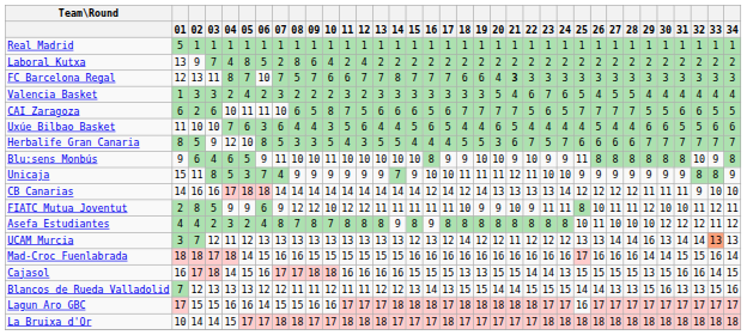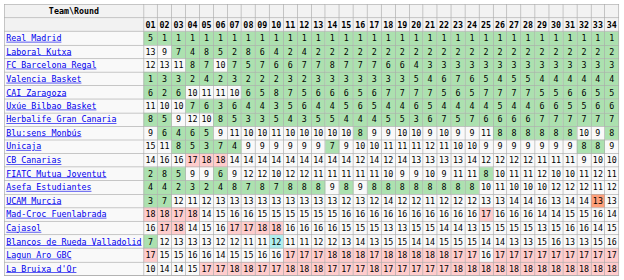 <table class="wikitable sortable" style="text-align: center;"{|class="wikitable sortable" style="text-align: center">
 <tr>
 <th>Team\Round</th>
 <th></th>
 <th></th>
 <th></th>
 <th></th>
 <th></th>
 <th></th>
 <th></th>
 <th></th>
 <th></th>
 <th></th>
 <th></th>
 <th></th>
 <th></th>
 <th></th>
 <th></th>
 <th></th>
 <th></th>
 <th></th>
 <th></th>
 <th></th>
 <th></th>
 <th></th>
 <th></th>
 <th></th>
 <th></th>
 <th></th>
 <th></th>
 <th></th>
 <th></th>
 <th></th>
 <th></th>
 <th></th>
 <th></th>
 <th></th>
 </tr>
 <tr>
 <th></th>
 <th>01</th>
 <th>02</th>
 <th>03</th>
 <th>04</th>
 <th>05</th>
 <th>06</th>
 <th>07</th>
 <th>08</th>
 <th>09</th>
 <th>10</th>
 <th>11</th>
 <th>12</th>
 <th>13</th>
 <th>14</th>
 <th>15</th>
 <th>16</th>
 <th>17</th>
 <th>18</th>
 <th>19</th>
 <th>20</th>
 <th>21</th>
 <th>22</th>
 <th>23</th>
 <th>24</th>
 <th>25</th>
 <th>26</th>
 <th>27</th>
 <th>28</th>
 <th>29</th>
 <th>30</th>
 <th>31</th>
 <th>32</th>
 <th>33</th>
 <th>34</th>
 </tr>
 <tr>
 <td align="left"><a href='#'>Real Madrid</a></td>
 <td style="background:#ACE1AF">5</td>
 <td style="background:#ACE1AF">1</td>
 <td style="background:#ACE1AF">1</td>
 <td style="background:#ACE1AF">1</td>
 <td style="background:#ACE1AF">1</td>
 <td style="background:#ACE1AF">1</td>
 <td style="background:#ACE1AF">1</td>
 <td style="background:#ACE1AF">1</td>
 <td style="background:#ACE1AF">1</td>
 <td style="background:#ACE1AF">1</td>
 <td style="background:#ACE1AF">1</td>
 <td style="background:#ACE1AF">1</td>
 <td style="background:#ACE1AF">1</td>
 <td style="background:#ACE1AF">1</td>
 <td style="background:#ACE1AF">1</td>
 <td style="background:#ACE1AF">1</td>
 <td style="background:#ACE1AF">1</td>
 <td style="background:#ACE1AF">1</td>
 <td style="background:#ACE1AF">1</td>
 <td style="background:#ACE1AF">1</td>
 <td style="background:#ACE1AF">1</td>
 <td style="background:#ACE1AF">1</td>
 <td style="background:#ACE1AF">1</td>
 <td style="background:#ACE1AF">1</td>
 <td style="background:#ACE1AF">1</td>
 <td style="background:#ACE1AF">1</td>
 <td style="background:#ACE1AF">1</td>
 <td style="background:#ACE1AF">1</td>
 <td style="background:#ACE1AF">1</td>
 <td style="background:#ACE1AF">1</td>
 <td style="background:#ACE1AF">1</td>
 <td style="background:#ACE1AF">1</td>
 <td style="background:#ACE1AF">1</td>
 <td style="background:#ACE1AF">1</td>
 </tr>
 <tr>
 <td align="left"><a href='#'>Laboral Kutxa</a></td>
 <td>13</td>
 <td>9</td>
 <td style="background:#ACE1AF">7</td>
 <td style="background:#ACE1AF">4</td>
 <td style="background:#ACE1AF">8</td>
 <td style="background:#ACE1AF">5</td>
 <td style="background:#ACE1AF">2</td>
 <td style="background:#ACE1AF">8</td>
 <td style="background:#ACE1AF">6</td>
 <td style="background:#ACE1AF">4</td>
 <td style="background:#ACE1AF">2</td>
 <td style="background:#ACE1AF">4</td>
 <td style="background:#ACE1AF">2</td>
 <td style="background:#ACE1AF">2</td>
 <td style="background:#ACE1AF">2</td>
 <td style="background:#ACE1AF">2</td>
 <td style="background:#ACE1AF">2</td>
 <td style="background:#ACE1AF">2</td>
 <td style="background:#ACE1AF">2</td>
 <td style="background:#ACE1AF">2</td>
 <td style="background:#ACE1AF">2</td>
 <td style="background:#ACE1AF">2</td>
 <td style="background:#ACE1AF">2</td>
 <td style="background:#ACE1AF">2</td>
 <td style="background:#ACE1AF">2</td>
 <td style="background:#ACE1AF">2</td>
 <td style="background:#ACE1AF">2</td>
 <td style="background:#ACE1AF">2</td>
 <td style="background:#ACE1AF">2</td>
 <td style="background:#ACE1AF">2</td>
 <td style="background:#ACE1AF">2</td>
 <td style="background:#ACE1AF">2</td>
 <td style="background:#ACE1AF">2</td>
 <td style="background:#ACE1AF">2</td>
 </tr>
 <tr>
 <td align="left"><a href='#'>FC Barcelona Regal</a></td>
 <td>12</td>
 <td>13</td>
 <td>11</td>
 <td style="background:#ACE1AF">8</td>
 <td style="background:#ACE1AF">7</td>
 <td>10</td>
 <td style="background:#ACE1AF">7</td>
 <td style="background:#ACE1AF">5</td>
 <td style="background:#ACE1AF">7</td>
 <td style="background:#ACE1AF">6</td>
 <td style="background:#ACE1AF">6</td>
 <td style="background:#ACE1AF">7</td>
 <td style="background:#ACE1AF">7</td>
 <td style="background:#ACE1AF">8</td>
 <td style="background:#ACE1AF">7</td>
 <td style="background:#ACE1AF">7</td>
 <td style="background:#ACE1AF">7</td>
 <td style="background:#ACE1AF">6</td>
 <td style="background:#ACE1AF">6</td>
 <td style="background:#ACE1AF">4</td>
-<td style="background:#ACE1AF"><strong>3</strong></td>
+<td style="background:#ACE1AF">3</td>
 <td style="background:#ACE1AF">3</td>
 <td style="background:#ACE1AF">3</td>
 <td style="background:#ACE1AF">3</td>
 <td style="background:#ACE1AF">3</td>
 <td style="background:#ACE1AF">3</td>
 <td style="background:#ACE1AF">3</td>
 <td style="background:#ACE1AF">3</td>
 <td style="background:#ACE1AF">3</td>
 <td style="background:#ACE1AF">3</td>
 <td style="background:#ACE1AF">3</td>
 <td style="background:#ACE1AF">3</td>
 <td style="background:#ACE1AF">3</td>
 <td style="background:#ACE1AF">3</td>
 </tr>
 <tr>
 <td align="left"><a href='#'>Valencia Basket</a></td>
 <td style="background:#ACE1AF">1</td>
 <td style="background:#ACE1AF">3</td>
 <td style="background:#ACE1AF">3</td>
 <td style="background:#ACE1AF">2</td>
 <td style="background:#ACE1AF">4</td>
 <td style="background:#ACE1AF">2</td>
 <td style="background:#ACE1AF">3</td>
 <td style="background:#ACE1AF">2</td>
 <td style="background:#ACE1AF">2</td>
 <td style="background:#ACE1AF">2</td>
 <td style="background:#ACE1AF">3</td>
 <td style="background:#ACE1AF">2</td>
 <td style="background:#ACE1AF">3</td>
 <td style="background:#ACE1AF">3</td>
 <td style="background:#ACE1AF">3</td>
 <td style="background:#ACE1AF">3</td>
 <td style="background:#ACE1AF">3</td>
 <td style="background:#ACE1AF">3</td>
 <td style="background:#ACE1AF">3</td>
 <td style="background:#ACE1AF">5</td>
 <td style="background:#ACE1AF">4</td>
 <td style="background:#ACE1AF">6</td>
 <td style="background:#ACE1AF">7</td>
 <td style="background:#ACE1AF">6</td>
 <td style="background:#ACE1AF">5</td>
 <td style="background:#ACE1AF">4</td>
 <td style="background:#ACE1AF">5</td>
 <td style="background:#ACE1AF">5</td>
 <td style="background:#ACE1AF">4</td>
 <td style="background:#ACE1AF">4</td>
 <td style="background:#ACE1AF">4</td>
 <td style="background:#ACE1AF">4</td>
 <td style="background:#ACE1AF">4</td>
 <td style="background:#ACE1AF">4</td>
 </tr>
 <tr>
 <td align="left"><a href='#'>CAI Zaragoza</a></td>
 <td style="background:#ACE1AF">6</td>
 <td style="background:#ACE1AF">2</td>
 <td style="background:#ACE1AF">6</td>
 <td>10</td>
 <td>11</td>
 <td>11</td>
 <td>10</td>
 <td style="background:#ACE1AF">6</td>
 <td style="background:#ACE1AF">5</td>
 <td style="background:#ACE1AF">8</td>
 <td style="background:#ACE1AF">7</td>
 <td style="background:#ACE1AF">5</td>
 <td style="background:#ACE1AF">6</td>
 <td style="background:#ACE1AF">6</td>
 <td style="background:#ACE1AF">6</td>
 <td style="background:#ACE1AF">5</td>
 <td style="background:#ACE1AF">6</td>
 <td style="background:#ACE1AF">7</td>
 <td style="background:#ACE1AF">7</td>
 <td style="background:#ACE1AF">7</td>
 <td style="background:#ACE1AF">7</td>
 <td style="background:#ACE1AF">5</td>
 <td style="background:#ACE1AF">6</td>
 <td style="background:#ACE1AF">5</td>
 <td style="background:#ACE1AF">7</td>
 <td style="background:#ACE1AF">7</td>
 <td style="background:#ACE1AF">7</td>
 <td style="background:#ACE1AF">7</td>
 <td style="background:#ACE1AF">5</td>
 <td style="background:#ACE1AF">5</td>
 <td style="background:#ACE1AF">6</td>
 <td style="background:#ACE1AF">6</td>
 <td style="background:#ACE1AF">5</td>
 <td style="background:#ACE1AF">5</td>
 </tr>
 <tr>
 <td align="left"><a href='#'>Uxúe Bilbao Basket</a></td>
 <td>11</td>
 <td>10</td>
 <td>10</td>
 <td style="background:#ACE1AF">7</td>
 <td style="background:#ACE1AF">6</td>
 <td style="background:#ACE1AF">3</td>
 <td style="background:#ACE1AF">6</td>
 <td style="background:#ACE1AF">4</td>
 <td style="background:#ACE1AF">4</td>
 <td style="background:#ACE1AF">3</td>
 <td style="background:#ACE1AF">5</td>
 <td style="background:#ACE1AF">6</td>
 <td style="background:#ACE1AF">4</td>
 <td style="background:#ACE1AF">4</td>
 <td style="background:#ACE1AF">5</td>
 <td style="background:#ACE1AF">6</td>
 <td style="background:#ACE1AF">5</td>
 <td style="background:#ACE1AF">4</td>
 <td style="background:#ACE1AF">4</td>
 <td style="background:#ACE1AF">6</td>
 <td style="background:#ACE1AF">5</td>
 <td style="background:#ACE1AF">4</td>
 <td style="background:#ACE1AF">4</td>
 <td style="background:#ACE1AF">4</td>
 <td style="background:#ACE1AF">4</td>
 <td style="background:#ACE1AF">5</td>
 <td style="background:#ACE1AF">4</td>
 <td style="background:#ACE1AF">4</td>
 <td style="background:#ACE1AF">6</td>
 <td style="background:#ACE1AF">6</td>
 <td style="background:#ACE1AF">5</td>
 <td style="background:#ACE1AF">5</td>
 <td style="background:#ACE1AF">6</td>
 <td style="background:#ACE1AF">6</td>
 </tr>
 <tr>
 <td align="left"><a href='#'>Herbalife Gran Canaria</a></td>
 <td style="background:#ACE1AF">8</td>
 <td style="background:#ACE1AF">5</td>
 <td>9</td>
 <td>12</td>
 <td>10</td>
 <td style="background:#ACE1AF">8</td>
 <td style="background:#ACE1AF">5</td>
 <td style="background:#ACE1AF">3</td>
 <td style="background:#ACE1AF">3</td>
 <td style="background:#ACE1AF">5</td>
 <td style="background:#ACE1AF">4</td>
 <td style="background:#ACE1AF">3</td>
 <td style="background:#ACE1AF">5</td>
 <td style="background:#ACE1AF">5</td>
 <td style="background:#ACE1AF">4</td>
 <td style="background:#ACE1AF">4</td>
 <td style="background:#ACE1AF">4</td>
 <td style="background:#ACE1AF">5</td>
 <td style="background:#ACE1AF">5</td>
 <td style="background:#ACE1AF">3</td>
 <td style="background:#ACE1AF">6</td>
 <td style="background:#ACE1AF">7</td>
 <td style="background:#ACE1AF">5</td>
 <td style="background:#ACE1AF">7</td>
 <td style="background:#ACE1AF">6</td>
 <td style="background:#ACE1AF">6</td>
 <td style="background:#ACE1AF">6</td>
 <td style="background:#ACE1AF">6</td>
 <td style="background:#ACE1AF">7</td>
 <td style="background:#ACE1AF">7</td>
 <td style="background:#ACE1AF">7</td>
 <td style="background:#ACE1AF">7</td>
 <td style="background:#ACE1AF">7</td>
 <td style="background:#ACE1AF">7</td>
 </tr>
 <tr>
 <td align="left"><a href='#'>Blu:sens Monbús</a></td>
 <td>9</td>
 <td style="background:#ACE1AF">6</td>
 <td style="background:#ACE1AF">4</td>
 <td style="background:#ACE1AF">6</td>
 <td style="background:#ACE1AF">5</td>
 <td>9</td>
 <td>11</td>
 <td>10</td>
 <td>10</td>
 <td>11</td>
 <td>10</td>
 <td>10</td>
 <td>10</td>
 <td>10</td>
 <td>10</td>
 <td style="background:#ACE1AF">8</td>
 <td>9</td>
 <td>9</td>
 <td>10</td>
 <td>10</td>
 <td>9</td>
 <td>10</td>
 <td>9</td>
 <td>9</td>
 <td>11</td>
 <td style="background:#ACE1AF">8</td>
 <td style="background:#ACE1AF">8</td>
 <td style="background:#ACE1AF">8</td>
 <td style="background:#ACE1AF">8</td>
 <td style="background:#ACE1AF">8</td>
 <td style="background:#ACE1AF">8</td>
 <td>10</td>
 <td>9</td>
 <td style="background:#ACE1AF">8</td>
 </tr>
 <tr>
 <td align="left"><a href='#'>Unicaja</a></td>
 <td>15</td>
 <td>11</td>
 <td style="background:#ACE1AF">8</td>
 <td style="background:#ACE1AF">5</td>
 <td style="background:#ACE1AF">3</td>
 <td style="background:#ACE1AF">7</td>
 <td style="background:#ACE1AF">4</td>
 <td>9</td>
 <td>9</td>
 <td>9</td>
 <td>9</td>
 <td>9</td>
 <td>9</td>
 <td style="background:#ACE1AF">7</td>
 <td>9</td>
 <td>10</td>
 <td>10</td>
 <td>11</td>
 <td>11</td>
 <td>11</td>
 <td>12</td>
 <td>11</td>
 <td>10</td>
 <td>10</td>
 <td>9</td>
 <td>9</td>
 <td>9</td>
 <td>9</td>
 <td>9</td>
 <td>9</td>
 <td>9</td>
 <td style="background:#ACE1AF">8</td>
 <td style="background:#ACE1AF">8</td>
 <td>9</td>
 </tr>
 <tr>
 <td align="left"><a href='#'>CB Canarias</a></td>
 <td>14</td>
 <td>16</td>
 <td>16</td>
 <td style="background:#FFCCCC">17</td>
 <td style="background:#FFCCCC">18</td>
 <td style="background:#FFCCCC">18</td>
 <td>14</td>
 <td>14</td>
 <td>14</td>
 <td>14</td>
 <td>14</td>
 <td>14</td>
 <td>14</td>
 <td>14</td>
 <td>14</td>
 <td>12</td>
 <td>14</td>
 <td>12</td>
 <td>14</td>
 <td>13</td>
 <td>13</td>
 <td>13</td>
 <td>13</td>
 <td>14</td>
 <td>12</td>
 <td>12</td>
 <td>12</td>
 <td>12</td>
 <td>11</td>
 <td>11</td>
 <td>11</td>
 <td>9</td>
 <td>10</td>
 <td>10</td>
 </tr>
 <tr>
 <td align="left"><a href='#'>FIATC Mutua Joventut</a></td>
 <td style="background:#ACE1AF">2</td>
 <td style="background:#ACE1AF">8</td>
 <td style="background:#ACE1AF">5</td>
 <td>9</td>
 <td>9</td>
 <td style="background:#ACE1AF">6</td>
 <td>9</td>
 <td>12</td>
 <td>12</td>
 <td>10</td>
 <td>12</td>
 <td>12</td>
 <td>11</td>
 <td>11</td>
 <td>11</td>
 <td>11</td>
 <td>11</td>
 <td>10</td>
 <td>9</td>
 <td>9</td>
 <td>10</td>
 <td>9</td>
 <td>11</td>
 <td>11</td>
 <td style="background:#ACE1AF">8</td>
 <td>10</td>
 <td>11</td>
 <td>11</td>
 <td>12</td>
 <td>10</td>
 <td>10</td>
 <td>11</td>
 <td>12</td>
 <td>11</td>
 </tr>
 <tr>
 <td align="left"><a href='#'>Asefa Estudiantes</a></td>
 <td style="background:#ACE1AF">4</td>
 <td style="background:#ACE1AF">4</td>
 <td style="background:#ACE1AF">2</td>
 <td style="background:#ACE1AF">3</td>
 <td style="background:#ACE1AF">2</td>
 <td style="background:#ACE1AF">4</td>
 <td style="background:#ACE1AF">8</td>
 <td style="background:#ACE1AF">7</td>
 <td style="background:#ACE1AF">8</td>
 <td style="background:#ACE1AF">7</td>
 <td style="background:#ACE1AF">8</td>
 <td style="background:#ACE1AF">8</td>
 <td style="background:#ACE1AF">8</td>
 <td>9</td>
 <td style="background:#ACE1AF">8</td>
 <td>9</td>
 <td style="background:#ACE1AF">8</td>
 <td style="background:#ACE1AF">8</td>
 <td style="background:#ACE1AF">8</td>
 <td style="background:#ACE1AF">8</td>
 <td style="background:#ACE1AF">8</td>
 <td style="background:#ACE1AF">8</td>
 <td style="background:#ACE1AF">8</td>
 <td style="background:#ACE1AF">8</td>
 <td>10</td>
 <td>11</td>
 <td>10</td>
 <td>10</td>
 <td>10</td>
 <td>12</td>
 <td>12</td>
 <td>12</td>
 <td>11</td>
 <td>12</td>
 </tr>
 <tr>
 <td align="left"><a href='#'>UCAM Murcia</a></td>
 <td style="background:#ACE1AF">3</td>
 <td style="background:#ACE1AF">7</td>
 <td>12</td>
 <td>11</td>
 <td>12</td>
 <td>13</td>
 <td>13</td>
 <td>13</td>
 <td>13</td>
 <td>13</td>
 <td>13</td>
 <td>13</td>
 <td>13</td>
 <td>13</td>
 <td>12</td>
 <td>13</td>
 <td>12</td>
 <td>14</td>
 <td>12</td>
 <td>12</td>
 <td>11</td>
 <td>12</td>
 <td>12</td>
 <td>12</td>
 <td>13</td>
 <td>13</td>
 <td>14</td>
 <td>14</td>
 <td>16</td>
 <td>13</td>
 <td>14</td>
 <td>14</td>
 <td style="background: lightsalmon;">13</td>
 <td>13</td>
 </tr>
 <tr>
 <td align="left"><a href='#'>Mad-Croc Fuenlabrada</a></td>
 <td style="background:#FFCCCC">18</td>
 <td style="background:#FFCCCC">18</td>
 <td style="background:#FFCCCC">17</td>
 <td style="background:#FFCCCC">18</td>
 <td>14</td>
 <td>15</td>
 <td>16</td>
 <td>16</td>
 <td>15</td>
 <td>15</td>
 <td>15</td>
 <td>15</td>
 <td>15</td>
 <td>15</td>
 <td>16</td>
 <td>16</td>
 <td>16</td>
 <td>16</td>
 <td>16</td>
 <td>16</td>
 <td>16</td>
 <td>16</td>
 <td>16</td>
 <td>16</td>
 <td style="background:#FFCCCC">17</td>
 <td>16</td>
 <td>16</td>
 <td>16</td>
 <td>14</td>
 <td>14</td>
 <td>15</td>
 <td>15</td>
 <td>16</td>
 <td>14</td>
 </tr>
 <tr>
 <td align="left"><a href='#'>Cajasol</a></td>
 <td>16</td>
 <td style="background:#FFCCCC">17</td>
 <td style="background:#FFCCCC">18</td>
 <td>14</td>
 <td>15</td>
 <td>16</td>
 <td style="background:#FFCCCC">17</td>
 <td style="background:#FFCCCC">17</td>
 <td style="background:#FFCCCC">18</td>
 <td style="background:#FFCCCC">18</td>
 <td>16</td>
 <td>16</td>
 <td>16</td>
 <td>16</td>
 <td>15</td>
 <td>15</td>
 <td>15</td>
 <td>13</td>
 <td>13</td>
 <td>15</td>
 <td>15</td>
 <td>14</td>
 <td>14</td>
 <td>13</td>
 <td>15</td>
 <td>15</td>
 <td>15</td>
 <td>15</td>
 <td>13</td>
 <td>15</td>
 <td>16</td>
 <td>16</td>
 <td>14</td>
 <td>15</td>
 </tr>
 <tr>
 <td align="left"><a href='#'>Blancos de Rueda Valladolid</a></td>
 <td style="background:#ACE1AF">7</td>
 <td>12</td>
 <td>13</td>
 <td>13</td>
 <td>13</td>
 <td>12</td>
 <td>12</td>
 <td>11</td>
 <td>11</td>
-<td>12</td>
+<td style="background: paleturquoise;">12</td>
 <td>11</td>
 <td>11</td>
 <td>12</td>
 <td>12</td>
 <td>13</td>
 <td>14</td>
 <td>13</td>
 <td>15</td>
 <td>15</td>
 <td>14</td>
 <td>14</td>
 <td>15</td>
 <td>15</td>
 <td>15</td>
 <td>14</td>
 <td>14</td>
 <td>13</td>
 <td>13</td>
 <td>15</td>
 <td>16</td>
 <td>13</td>
 <td>13</td>
 <td>15</td>
 <td>16</td>
 </tr>
 <tr>
 <td align="left"><a href='#'>Lagun Aro GBC</a></td>
 <td style="background:#FFCCCC">17</td>
 <td>15</td>
 <td>15</td>
 <td>16</td>
 <td>16</td>
 <td>14</td>
 <td>15</td>
 <td>15</td>
 <td>16</td>
 <td>16</td>
 <td style="background:#FFCCCC">17</td>
 <td style="background:#FFCCCC">17</td>
 <td style="background:#FFCCCC">17</td>
 <td style="background:#FFCCCC">18</td>
 <td style="background:#FFCCCC">18</td>
 <td style="background:#FFCCCC">18</td>
 <td style="background:#FFCCCC">17</td>
 <td style="background:#FFCCCC">18</td>
 <td style="background:#FFCCCC">18</td>
 <td style="background:#FFCCCC">18</td>
 <td style="background:#FFCCCC">18</td>
 <td style="background:#FFCCCC">18</td>
 <td style="background:#FFCCCC">17</td>
 <td style="background:#FFCCCC">17</td>
 <td>16</td>
 <td style="background:#FFCCCC">17</td>
 <td style="background:#FFCCCC">17</td>
 <td style="background:#FFCCCC">17</td>
 <td style="background:#FFCCCC">17</td>
 <td style="background:#FFCCCC">17</td>
 <td style="background:#FFCCCC">17</td>
 <td style="background:#FFCCCC">17</td>
 <td style="background:#FFCCCC">17</td>
 <td style="background:#FFCCCC">17</td>
 </tr>
 <tr>
 <td align="left"><a href='#'>La Bruixa d'Or</a></td>
 <td>10</td>
 <td>14</td>
 <td>14</td>
 <td>15</td>
 <td style="background:#FFCCCC">17</td>
 <td style="background:#FFCCCC">17</td>
 <td style="background:#FFCCCC">18</td>
 <td style="background:#FFCCCC">18</td>
 <td style="background:#FFCCCC">17</td>
 <td style="background:#FFCCCC">17</td>
 <td style="background:#FFCCCC">18</td>
 <td style="background:#FFCCCC">18</td>
 <td style="background:#FFCCCC">18</td>
 <td style="background:#FFCCCC">17</td>
 <td style="background:#FFCCCC">17</td>
 <td style="background:#FFCCCC">17</td>
 <td style="background:#FFCCCC">18</td>
 <td style="background:#FFCCCC">17</td>
 <td style="background:#FFCCCC">17</td>
 <td style="background:#FFCCCC">17</td>
 <td style="background:#FFCCCC">17</td>
 <td style="background:#FFCCCC">17</td>
 <td style="background:#FFCCCC">18</td>
 <td style="background:#FFCCCC">18</td>
 <td style="background:#FFCCCC">18</td>
 <td style="background:#FFCCCC">18</td>
 <td style="background:#FFCCCC">18</td>
 <td style="background:#FFCCCC">18</td>
 <td style="background:#FFCCCC">18</td>
 <td style="background:#FFCCCC">18</td>
 <td style="background:#FFCCCC">18</td>
 <td style="background:#FFCCCC">18</td>
 <td style="background:#FFCCCC">18</td>
 <td style="background:#FFCCCC">18</td>
 </tr>
 <tr>
 </tr>
 </table>
